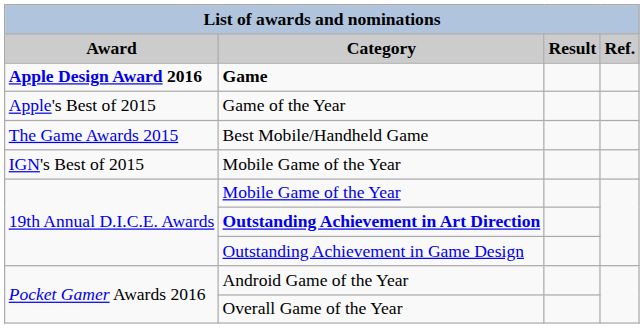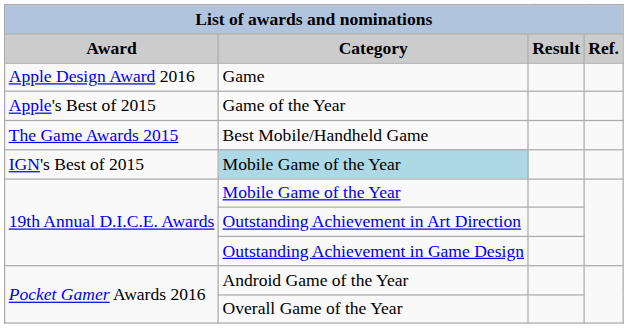 <table class="wikitable" style="font-size:90%;">
 <tr>
 <th colspan="4" style="background:#B0C4DE;">List of awards and nominations</th>
 </tr>
 <tr>
 <th style="background:#ccc;">Award</th>
 <th style="background:#ccc;">Category</th>
 <th style="background:#ccc;">Result</th>
 <th style="background:#ccc;">Ref.</th>
 </tr>
 <tr>
-<td rowspan="1"><strong><a href='#'>Apple Design Award</a> 2016</strong></td>
-<td><strong>Game</strong></td>
+<td rowspan="1"><a href='#'>Apple Design Award</a> 2016</td>
+<td>Game</td>
 <td></td>
 <td rowspan="1"></td>
 </tr>
 <tr>
 <td rowspan="1"><a href='#'>Apple</a>'s Best of 2015</td>
 <td>Game of the Year</td>
 <td></td>
 <td rowspan="1"></td>
 </tr>
 <tr>
 <td rowspan="1"><a href='#'>The Game Awards 2015</a></td>
 <td>Best Mobile/Handheld Game</td>
 <td></td>
 <td rowspan="1"></td>
 </tr>
 <tr>
 <td rowspan="1"><a href='#'>IGN</a>'s Best of 2015</td>
-<td>Mobile Game of the Year</td>
+<td style="background: lightblue;">Mobile Game of the Year</td>
 <td></td>
 <td rowspan="1"></td>
 </tr>
 <tr>
 <td rowspan="3"><a href='#'>19th Annual D.I.C.E. Awards</a></td>
 <td><a href='#'>Mobile Game of the Year</a></td>
 <td></td>
 <td rowspan="3"></td>
 </tr>
 <tr>
-<td><strong><a href='#'>Outstanding Achievement in Art Direction</a></strong></td>
+<td><a href='#'>Outstanding Achievement in Art Direction</a></td>
 <td></td>
 </tr>
 <tr>
 <td><a href='#'>Outstanding Achievement in Game Design</a></td>
 <td></td>
 </tr>
 <tr>
 <td rowspan="2"><em><a href='#'>Pocket Gamer</a></em> Awards 2016</td>
 <td>Android Game of the Year</td>
 <td></td>
 <td rowspan="2"></td>
 </tr>
 <tr>
 <td>Overall Game of the Year</td>
 <td></td>
 </tr>
 </table>
